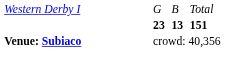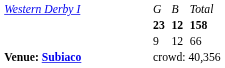 <table style="margin-right:4px; margin-top:8px; float:left; border:1px No.">
 <tr>
 <td width=200><em><a href='#'>Western Derby I</a></em></td>
 <td><em>G</em></td>
 <td><em>B</em></td>
 <td><em>Total</em></td>
 </tr>
 <tr>
 <td style="text-align:left"></td>
 <td><strong>23</strong></td>
-<td><strong>13</strong></td>
-<td><strong>151</strong></td>
+<td><strong>12</strong></td>
+<td><strong>158</strong></td>
+</tr>
+<tr>
+<td style="text-align:left"></td>
+<td>9</td>
+<td>12</td>
+<td>66</td>
 </tr>
 <tr>
 <td><strong>Venue: <a href='#'>Subiaco</a></strong></td>
 <td colspan=3>crowd: 40,356</td>
 </tr>
 </table>
